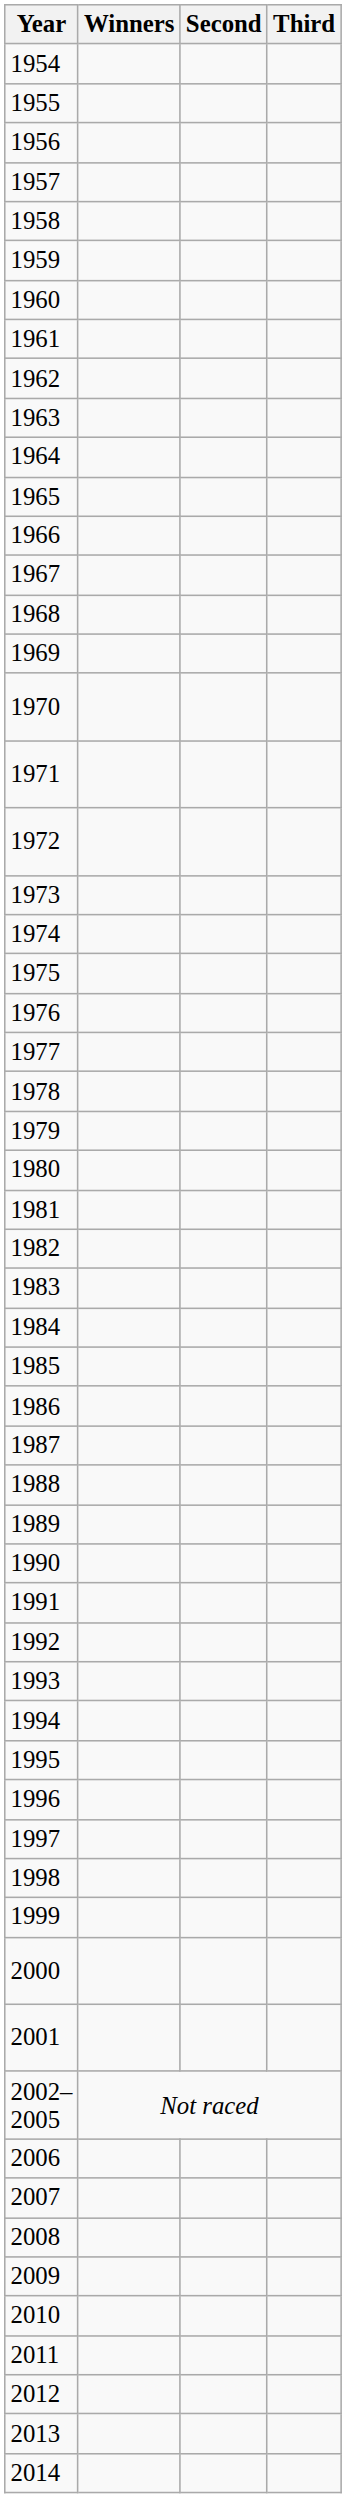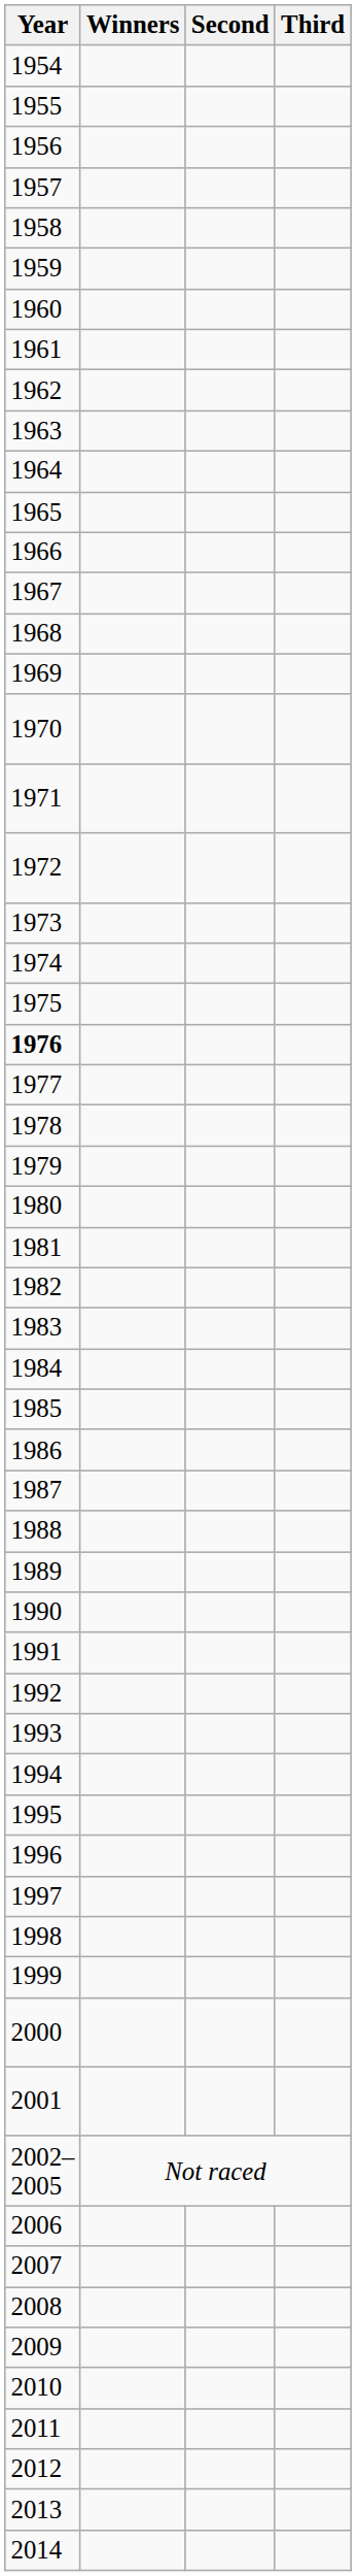 <table class="wikitable">
 <tr>
 <th>Year</th>
 <th>Winners</th>
 <th>Second</th>
 <th>Third</th>
 </tr>
 <tr>
 <td>1954</td>
 <td> <br></td>
 <td> <br></td>
 <td> <br></td>
 </tr>
 <tr>
 <td>1955</td>
 <td> <br></td>
 <td> <br></td>
 <td> <br></td>
 </tr>
 <tr>
 <td>1956</td>
 <td> <br> </td>
 <td> <br></td>
 <td> <br> </td>
 </tr>
 <tr>
 <td>1957</td>
 <td> <br> </td>
 <td> <br></td>
 <td> <br></td>
 </tr>
 <tr>
 <td>1958</td>
 <td> <br></td>
 <td> <br></td>
 <td> <br> </td>
 </tr>
 <tr>
 <td>1959</td>
 <td> <br></td>
 <td> <br> </td>
 <td> <br></td>
 </tr>
 <tr>
 <td>1960</td>
 <td> <br></td>
 <td> <br></td>
 <td> <br> </td>
 </tr>
 <tr>
 <td>1961</td>
 <td> <br></td>
 <td> <br> </td>
 <td> <br> </td>
 </tr>
 <tr>
 <td>1962</td>
 <td> <br> </td>
 <td> <br></td>
 <td> <br></td>
 </tr>
 <tr>
 <td>1963</td>
 <td> <br> </td>
 <td> <br></td>
 <td> <br></td>
 </tr>
 <tr>
 <td>1964</td>
 <td> <br> </td>
 <td> <br></td>
 <td> <br></td>
 </tr>
 <tr>
 <td>1965</td>
 <td> <br> </td>
 <td> <br></td>
 <td> <br></td>
 </tr>
 <tr>
 <td>1966</td>
 <td> <br></td>
 <td> <br> </td>
 <td> <br> </td>
 </tr>
 <tr>
 <td>1967</td>
 <td> <br></td>
 <td> <br> </td>
 <td> <br> </td>
 </tr>
 <tr>
 <td>1968</td>
 <td> <br> </td>
 <td> <br> </td>
 <td> <br></td>
 </tr>
 <tr>
 <td>1969</td>
 <td> <br></td>
 <td> <br> </td>
 <td> <br> </td>
 </tr>
 <tr>
 <td>1970</td>
 <td> <br> <br> </td>
 <td> <br> <br> </td>
 <td> <br>  <br> </td>
 </tr>
 <tr>
 <td>1971</td>
 <td> <br> <br> </td>
 <td> <br> <br> </td>
 <td> <br> <br> </td>
 </tr>
 <tr>
 <td>1972</td>
 <td> <br>  <br> </td>
 <td> <br>  <br> </td>
 <td> <br>  <br> </td>
 </tr>
 <tr>
 <td>1973</td>
 <td> <br></td>
 <td> <br> </td>
 <td> <br></td>
 </tr>
 <tr>
 <td>1974</td>
 <td> <br> </td>
 <td> <br> </td>
 <td> <br></td>
 </tr>
 <tr>
 <td>1975</td>
 <td> <br> </td>
 <td> <br> </td>
 <td> <br></td>
 </tr>
 <tr>
-<td>1976</td>
+<td><strong>1976</strong></td>
 <td> <br></td>
 <td> <br> </td>
 <td> <br> </td>
 </tr>
 <tr>
 <td>1977</td>
 <td> <br></td>
 <td> <br> </td>
 <td> <br> </td>
 </tr>
 <tr>
 <td>1978</td>
 <td> <br> </td>
 <td> <br></td>
 <td> <br></td>
 </tr>
 <tr>
 <td>1979</td>
 <td> <br> </td>
 <td> <br> </td>
 <td> <br></td>
 </tr>
 <tr>
 <td>1980</td>
 <td> <br> </td>
 <td> <br></td>
 <td> <br></td>
 </tr>
 <tr>
 <td>1981</td>
 <td> <br></td>
 <td> <br></td>
 <td> <br> </td>
 </tr>
 <tr>
 <td>1982</td>
 <td> <br></td>
 <td> <br> </td>
 <td> <br></td>
 </tr>
 <tr>
 <td>1983</td>
 <td> <br></td>
 <td> <br></td>
 <td> <br></td>
 </tr>
 <tr>
 <td>1984</td>
 <td> <br></td>
 <td> <br></td>
 <td> <br> </td>
 </tr>
 <tr>
 <td>1985</td>
 <td> <br> </td>
 <td> <br></td>
 <td> <br></td>
 </tr>
 <tr>
 <td>1986</td>
 <td> <br></td>
 <td> <br></td>
 <td> <br></td>
 </tr>
 <tr>
 <td>1987</td>
 <td> <br> </td>
 <td> <br> </td>
 <td> <br></td>
 </tr>
 <tr>
 <td>1988</td>
 <td> <br></td>
 <td> <br></td>
 <td> <br> </td>
 </tr>
 <tr>
 <td>1989</td>
 <td> <br></td>
 <td> <br></td>
 <td> <br> </td>
 </tr>
 <tr>
 <td>1990</td>
 <td> <br></td>
 <td> <br></td>
 <td> <br></td>
 </tr>
 <tr>
 <td>1991</td>
 <td> <br></td>
 <td> <br> </td>
 <td> <br></td>
 </tr>
 <tr>
 <td>1992</td>
 <td> <br></td>
 <td> <br></td>
 <td> <br> </td>
 </tr>
 <tr>
 <td>1993</td>
 <td> <br></td>
 <td> <br> </td>
 <td> <br></td>
 </tr>
 <tr>
 <td>1994</td>
 <td> <br> </td>
 <td> <br></td>
 <td><br> </td>
 </tr>
 <tr>
 <td>1995</td>
 <td> <br></td>
 <td> <br></td>
 <td> <br> </td>
 </tr>
 <tr>
 <td>1996</td>
 <td> <br></td>
 <td> <br></td>
 <td> <br></td>
 </tr>
 <tr>
 <td>1997</td>
 <td> <br></td>
 <td> <br></td>
 <td> <br> </td>
 </tr>
 <tr>
 <td>1998</td>
 <td> <br></td>
 <td> <br></td>
 <td> <br> </td>
 </tr>
 <tr>
 <td>1999</td>
 <td> <br></td>
 <td> <br> </td>
 <td><br> </td>
 </tr>
 <tr>
 <td>2000</td>
 <td> <br> <br> </td>
 <td> <br>  <br> </td>
 <td> <br> <br> </td>
 </tr>
 <tr>
 <td>2001</td>
 <td> <br> <br> </td>
 <td> <br>  <br> </td>
 <td> <br> <br></td>
 </tr>
 <tr>
 <td>2002–<br>2005</td>
 <td colspan=3 align=center><em>Not raced</em></td>
 </tr>
 <tr>
 <td>2006</td>
 <td><br></td>
 <td> <br> </td>
 <td> <br></td>
 </tr>
 <tr>
 <td>2007</td>
 <td> <br></td>
 <td> <br> </td>
 <td> <br> </td>
 </tr>
 <tr>
 <td>2008</td>
 <td> <br> </td>
 <td> <br> </td>
 <td> <br></td>
 </tr>
 <tr>
 <td>2009</td>
 <td><br></td>
 <td> <br></td>
 <td> <br></td>
 </tr>
 <tr>
 <td>2010</td>
 <td> <br></td>
 <td> <br></td>
 <td> <br></td>
 </tr>
 <tr>
 <td>2011</td>
 <td> <br> </td>
 <td> <br></td>
 <td> <br></td>
 </tr>
 <tr>
 <td>2012</td>
 <td> <br> </td>
 <td> <br></td>
 <td> <br> </td>
 </tr>
 <tr>
 <td>2013</td>
 <td> <br> </td>
 <td> <br></td>
 <td> <br></td>
 </tr>
 <tr>
 <td>2014</td>
 <td> <br> </td>
 <td> <br> </td>
 <td> <br></td>
 </tr>
 </table>
